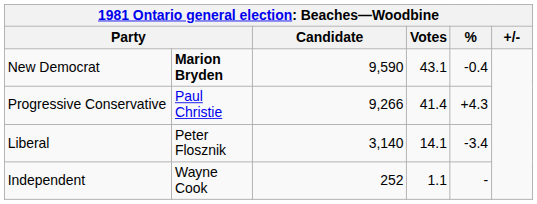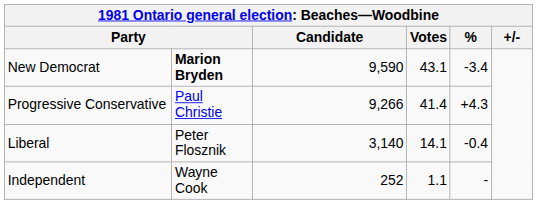 <table class="wikitable">
 <tr>
 <th colspan="6"><a href='#'>1981 Ontario general election</a>: <strong>Beaches—Woodbine</strong></th>
 </tr>
 <tr>
 <th colspan="2" style="width: 200px">Party</th>
 <th style="width: 170px">Candidate</th>
 <th style="width: 40px">Votes</th>
 <th style="width: 40px">%</th>
 <th style="width: 40px">+/-</th>
 </tr>
 <tr>
 <td style="width: 185px">New Democrat</td>
 <td><strong>Marion Bryden</strong></td>
 <td align=right>9,590</td>
 <td align=right>43.1</td>
-<td align=right>-0.4</td>
+<td align=right>-3.4</td>
 </tr>
 <tr>
 <td style="width: 185px">Progressive Conservative</td>
 <td><a href='#'>Paul Christie</a></td>
 <td align=right>9,266</td>
 <td align=right>41.4</td>
 <td align=right>+4.3</td>
 </tr>
 <tr>
 <td style="width: 185px">Liberal</td>
 <td>Peter Flosznik</td>
 <td align=right>3,140</td>
 <td align=right>14.1</td>
-<td align=right>-3.4</td>
+<td align=right>-0.4</td>
 </tr>
 <tr>
 <td style="width: 185px">Independent</td>
 <td>Wayne Cook</td>
 <td align=right>252</td>
 <td align=right>1.1</td>
 <td align=right>-</td>
 </tr>
 </table>
